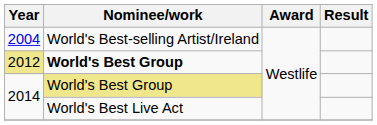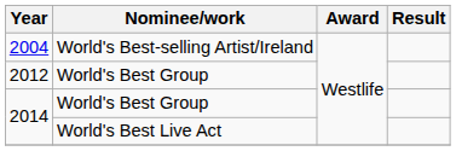 <table class="wikitable">
 <tr>
 <th>Year</th>
 <th>Nominee/work</th>
 <th>Award</th>
 <th>Result</th>
 </tr>
 <tr>
 <td><a href='#'>2004</a></td>
 <td>World's Best-selling Artist/Ireland</td>
 <td rowspan="4">Westlife</td>
 <td></td>
 </tr>
 <tr>
-<td style="background: khaki;">2012</td>
-<td><strong>World's Best Group</strong></td>
+<td>2012</td>
+<td>World's Best Group</td>
 <td></td>
 </tr>
 <tr>
 <td rowspan="2">2014</td>
-<td style="background: khaki;">World's Best Group</td>
+<td>World's Best Group</td>
 <td></td>
 </tr>
 <tr>
 <td>World's Best Live Act</td>
 <td></td>
 </tr>
 <tr>
 </tr>
 </table>
